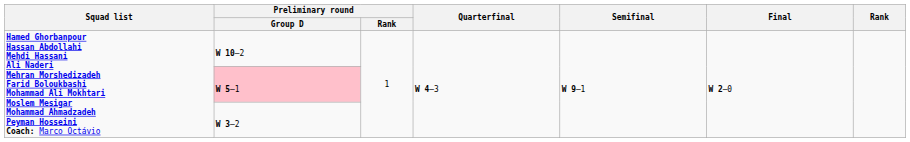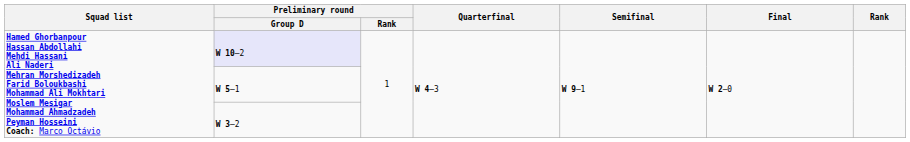 <table class="wikitable" width="85%" style="text-align:left; font-size:90%">
 <tr>
 <th rowspan="2" width="20%">Squad list</th>
 <th colspan="2">Preliminary round</th>
 <th rowspan="2" width="14%">Quarterfinal</th>
 <th rowspan="2" width="14%">Semifinal</th>
 <th rowspan="2" width="14%">Final</th>
 <th rowspan="2" width="5%">Rank</th>
 </tr>
 <tr>
 <th width="14%">Group D</th>
 <th width="5%">Rank</th>
 </tr>
 <tr>
 <td rowspan="3"><strong><a href='#'>Hamed Ghorbanpour</a><br><a href='#'>Hassan Abdollahi</a><br><a href='#'>Mehdi Hassani</a><br><a href='#'>Ali Naderi</a><br><a href='#'>Mehran Morshedizadeh</a><br><a href='#'>Farid Boloukbashi</a><br><a href='#'>Mohammad Ali Mokhtari</a><br><a href='#'>Moslem Mesigar</a><br><a href='#'>Mohammad Ahmadzadeh</a><br><a href='#'>Peyman Hosseini</a><br>Coach:</strong>  <a href='#'>Marco Octávio</a></td>
-<td><br><strong>W</strong> <strong>10</strong>–2</td>
+<td style="background: lavender;"><br><strong>W</strong> <strong>10</strong>–2</td>
 <td rowspan="3" align=center>1 <strong></strong></td>
 <td rowspan="3"><br><strong>W</strong> <strong>4</strong>–3</td>
 <td rowspan="3"><br><strong>W</strong> <strong>9</strong>–1</td>
 <td rowspan="3"><br><strong>W</strong> <strong>2</strong>–0</td>
 <td rowspan="3" align="center"></td>
 </tr>
 <tr>
-<td style="background: pink;"><br><strong>W</strong> <strong>5</strong>–1</td>
+<td><br><strong>W</strong> <strong>5</strong>–1</td>
 </tr>
 <tr>
 <td><br><strong>W</strong> <strong>3</strong>–2</td>
 </tr>
 </table>
